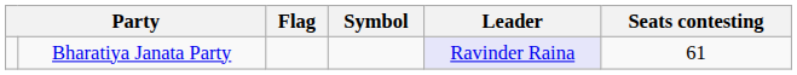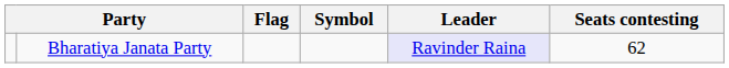 <table class="wikitable" width="50%" style="text-align:center;">
 <tr>
 <th colspan="2">Party</th>
 <th>Flag</th>
 <th>Symbol</th>
 <th>Leader</th>
 <th>Seats contesting</th>
 </tr>
 <tr>
 <td></td>
 <td><a href='#'>Bharatiya Janata Party</a></td>
 <td></td>
 <td></td>
 <td style="background: lavender;"><a href='#'>Ravinder Raina</a></td>
-<td>61</td>
+<td>62</td>
 </tr>
 </table>
